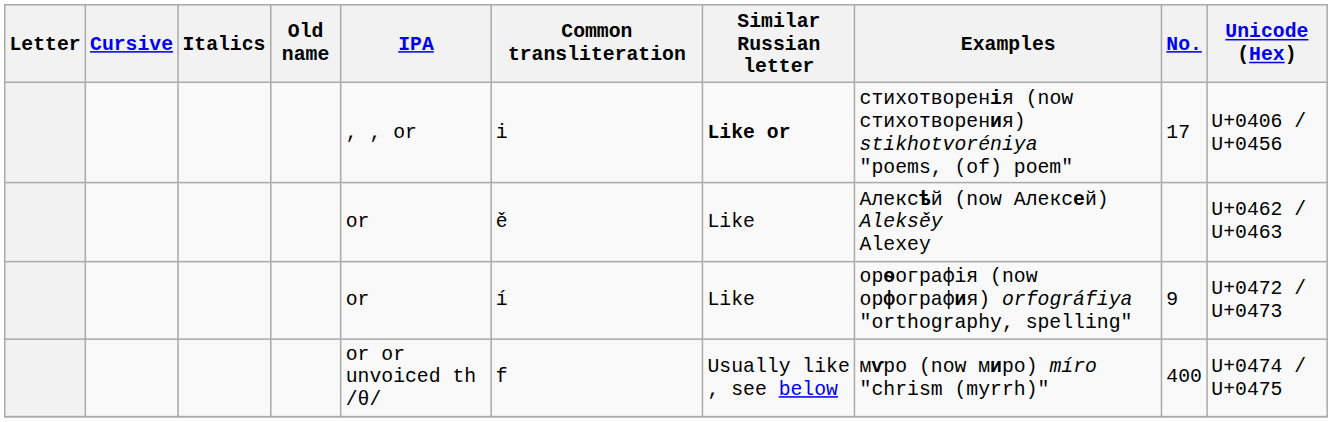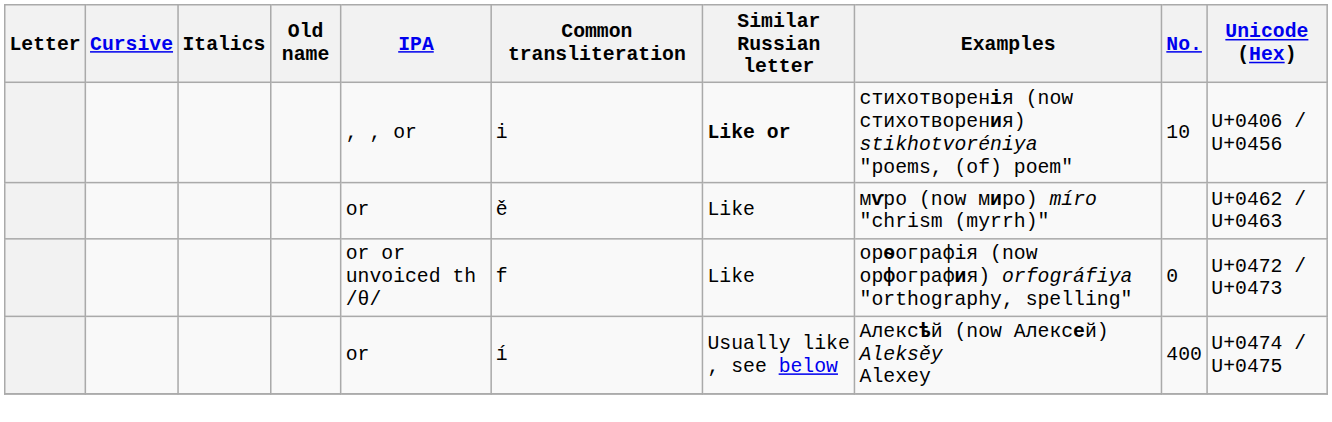 <table class=wikitable>
 <tr>
 <th>Letter</th>
 <th><a href='#'>Cursive</a></th>
 <th>Italics</th>
 <th>Old name</th>
 <th><a href='#'>IPA</a></th>
 <th>Common transliteration</th>
 <th>Similar Russian letter</th>
 <th>Examples</th>
 <th><a href='#'>No.</a></th>
 <th><a href='#'>Unicode</a> (<a href='#'>Hex</a>)</th>
 </tr>
 <tr>
 <th style="text-align: center;"><big></big></th>
 <td></td>
 <td></td>
 <td><br></td>
 <td>, , or </td>
 <td>i</td>
 <td><strong>Like  or </strong></td>
 <td>стихотворен<strong>і</strong>я (now стихотворен<strong>и</strong>я) <em>stikhotvoréniya</em><br>"poems, (of) poem"</td>
-<td>17</td>
+<td>10</td>
 <td>U+0406 / U+0456</td>
 </tr>
 <tr>
 <th style="text-align: center;"><big></big></th>
 <td></td>
 <td></td>
 <td><br></td>
 <td> or </td>
 <td>ě</td>
 <td>Like </td>
-<td>Алекс<strong>ѣ</strong>й (now Алекс<strong>е</strong>й) <em>Aleksěy</em><br>Alexey</td>
+<td>м<strong>ѵ</strong>ро (now м<strong>и</strong>ро) <em>míro</em><br>"chrism (myrrh)"</td>
 <td></td>
 <td>U+0462 / U+0463</td>
 </tr>
 <tr>
 <th style="text-align: center;"><big></big></th>
 <td></td>
 <td></td>
 <td><br></td>
-<td> or </td>
-<td>í</td>
+<td> or  or unvoiced th /θ/</td>
+<td>f</td>
 <td>Like </td>
 <td>ор<strong>ѳ</strong>ографія (now ор<strong>ф</strong>ограф<strong>и</strong>я) <em>orfográfiya</em><br>"orthography, spelling"</td>
-<td>9</td>
+<td>0</td>
 <td>U+0472 / U+0473</td>
 </tr>
 <tr>
 <th style="text-align: center;"><big></big></th>
 <td></td>
 <td></td>
 <td><br></td>
-<td> or  or unvoiced th /θ/</td>
-<td>f</td>
+<td> or </td>
+<td>í</td>
 <td>Usually like , see <a href='#'>below</a></td>
-<td>м<strong>ѵ</strong>ро (now м<strong>и</strong>ро) <em>míro</em><br>"chrism (myrrh)"</td>
+<td>Алекс<strong>ѣ</strong>й (now Алекс<strong>е</strong>й) <em>Aleksěy</em><br>Alexey</td>
 <td>400</td>
 <td>U+0474 / U+0475</td>
 </tr>
 <tr style="vertical-align: bottom; background: #eee;">
 </tr>
 </table>
